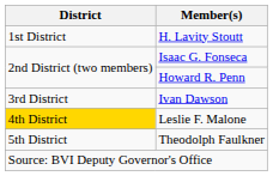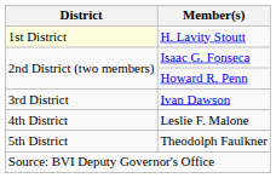 <table class=wikitable>
 <tr>
 <th>District</th>
 <th>Member(s)</th>
 </tr>
 <tr>
-<td>1st District</td>
+<td style="background: lightyellow;">1st District</td>
 <td><a href='#'>H. Lavity Stoutt</a></td>
 </tr>
 <tr>
 <td rowspan="2">2nd District (two members)</td>
 <td><a href='#'>Isaac G. Fonseca</a></td>
 </tr>
 <tr>
 <td><a href='#'>Howard R. Penn</a></td>
 </tr>
 <tr>
 <td>3rd District</td>
 <td><a href='#'>Ivan Dawson</a></td>
 </tr>
 <tr>
-<td style="background: gold;">4th District</td>
+<td>4th District</td>
 <td>Leslie F. Malone</td>
 </tr>
 <tr>
 <td>5th District</td>
 <td>Theodolph Faulkner</td>
 </tr>
 <tr>
 <td colspan=2>Source: BVI Deputy Governor's Office</td>
 </tr>
 </table>
